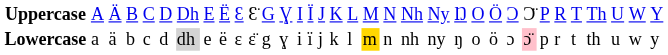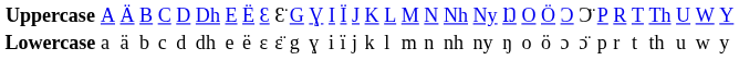 <table>
 <tr>
 <th>Uppercase</th>
 <td><a href='#'>A</a></td>
 <td><a href='#'>Ä</a></td>
 <td><a href='#'>B</a></td>
 <td><a href='#'>C</a></td>
 <td><a href='#'>D</a></td>
 <td><a href='#'>Dh</a></td>
 <td><a href='#'>E</a></td>
 <td><a href='#'>Ë</a></td>
 <td><a href='#'>Ɛ</a></td>
 <td>Ɛ̈</td>
 <td><a href='#'>G</a></td>
 <td><a href='#'>Ɣ</a></td>
 <td><a href='#'>I</a></td>
 <td><a href='#'>Ï</a></td>
 <td><a href='#'>J</a></td>
 <td><a href='#'>K</a></td>
 <td><a href='#'>L</a></td>
 <td><a href='#'>M</a></td>
 <td><a href='#'>N</a></td>
 <td><a href='#'>Nh</a></td>
 <td><a href='#'>Ny</a></td>
 <td><a href='#'>Ŋ</a></td>
 <td><a href='#'>O</a></td>
 <td><a href='#'>Ö</a></td>
 <td><a href='#'>Ɔ</a></td>
 <td>Ɔ̈</td>
 <td><a href='#'>P</a></td>
 <td><a href='#'>R</a></td>
 <td><a href='#'>T</a></td>
 <td><a href='#'>Th</a></td>
 <td><a href='#'>U</a></td>
 <td><a href='#'>W</a></td>
 <td><a href='#'>Y</a></td>
 </tr>
 <tr>
 <th>Lowercase</th>
 <td>a</td>
 <td>ä</td>
 <td>b</td>
 <td>c</td>
 <td>d</td>
-<td style="background: lightgrey;">dh</td>
+<td>dh</td>
 <td>e</td>
 <td>ë</td>
 <td>ɛ</td>
 <td>ɛ̈</td>
 <td>g</td>
 <td>ɣ</td>
 <td>i</td>
 <td>ï</td>
 <td>j</td>
 <td>k</td>
 <td>l</td>
-<td style="background: gold;">m</td>
+<td>m</td>
 <td>n</td>
 <td>nh</td>
 <td>ny</td>
 <td>ŋ</td>
 <td>o</td>
 <td>ö</td>
 <td>ɔ</td>
-<td style="background: pink;">ɔ̈</td>
+<td>ɔ̈</td>
 <td>p</td>
 <td>r</td>
 <td>t</td>
 <td>th</td>
 <td>u</td>
 <td>w</td>
 <td>y</td>
 </tr>
 </table>
